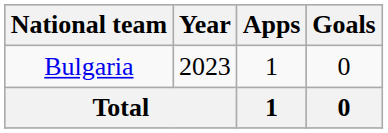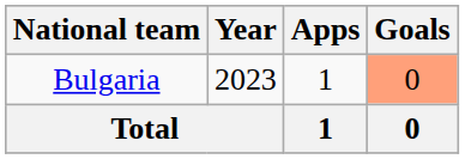 <table class="wikitable" style="text-align:center">
 <tr>
 <th>National team</th>
 <th>Year</th>
 <th>Apps</th>
 <th>Goals</th>
 </tr>
 <tr>
 <td rowspan="1"><a href='#'>Bulgaria</a></td>
 <td>2023</td>
 <td>1</td>
-<td>0</td>
+<td style="background: lightsalmon;">0</td>
 </tr>
 <tr>
 <th colspan="2">Total</th>
 <th>1</th>
 <th>0</th>
 </tr>
 </table>
